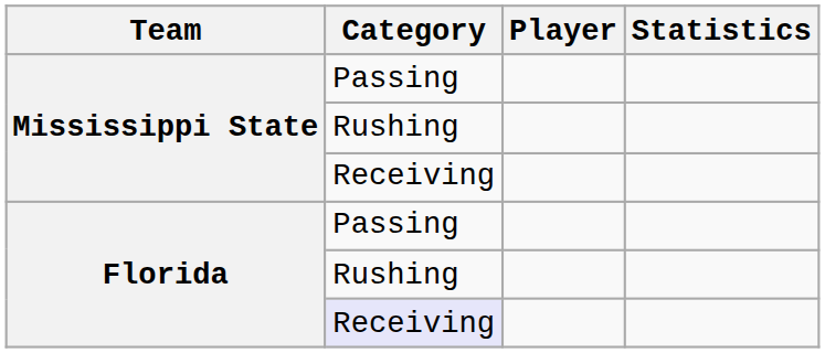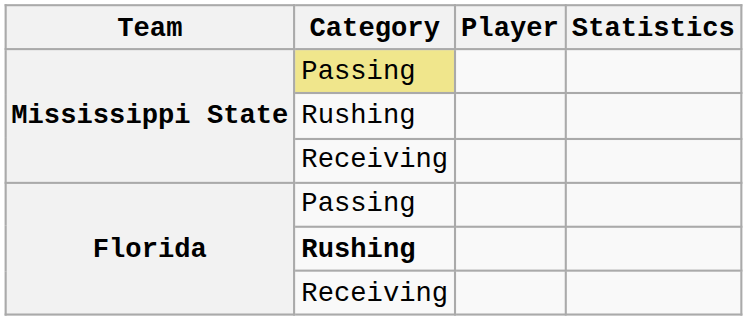 <table class="wikitable" style="float:right">
 <tr>
 <th>Team</th>
 <th>Category</th>
 <th>Player</th>
 <th>Statistics</th>
 </tr>
 <tr>
 <th rowspan=3>Mississippi State</th>
-<td>Passing</td>
+<td style="background: khaki;">Passing</td>
 <td></td>
 <td></td>
 </tr>
 <tr>
 <td>Rushing</td>
 <td></td>
 <td></td>
 </tr>
 <tr>
 <td>Receiving</td>
 <td></td>
 <td></td>
 </tr>
 <tr>
 <th rowspan=3>Florida</th>
 <td>Passing</td>
 <td></td>
 <td></td>
 </tr>
 <tr>
-<td>Rushing</td>
+<td><strong>Rushing</strong></td>
 <td></td>
 <td></td>
 </tr>
 <tr>
-<td style="background: lavender;">Receiving</td>
+<td>Receiving</td>
 <td></td>
 <td></td>
 </tr>
 </table>
